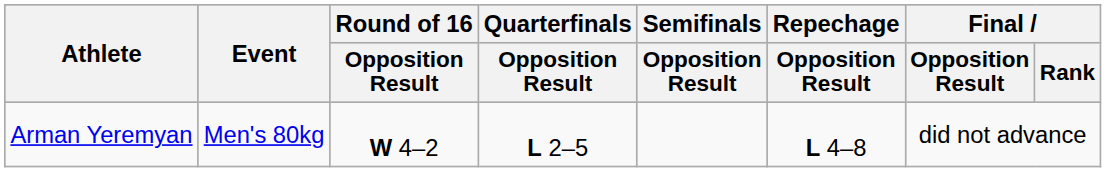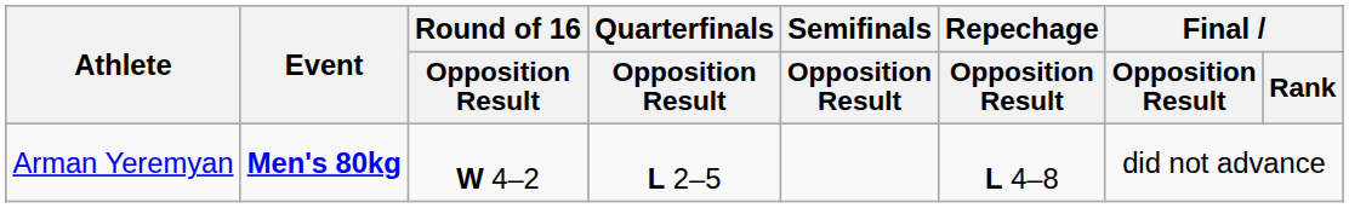 <table class="wikitable" style="font-size:90%">
 <tr>
 <th rowspan="2">Athlete</th>
 <th rowspan="2">Event</th>
 <th>Round of 16</th>
 <th>Quarterfinals</th>
 <th>Semifinals</th>
 <th>Repechage</th>
 <th colspan=2>Final / </th>
 </tr>
 <tr style="font-size:95%">
 <th>Opposition<br>Result</th>
 <th>Opposition<br>Result</th>
 <th>Opposition<br>Result</th>
 <th>Opposition<br>Result</th>
 <th>Opposition<br>Result</th>
 <th>Rank</th>
 </tr>
 <tr align=center>
 <td align=left><a href='#'>Arman Yeremyan</a></td>
-<td align=left><a href='#'>Men's 80kg</a></td>
+<td align=left><strong><a href='#'>Men's 80kg</a></strong></td>
 <td><br><strong>W</strong> 4–2</td>
 <td><br><strong>L</strong> 2–5</td>
 <td></td>
 <td><br><strong>L</strong> 4–8</td>
 <td colspan=2>did not advance</td>
 </tr>
 </table>
